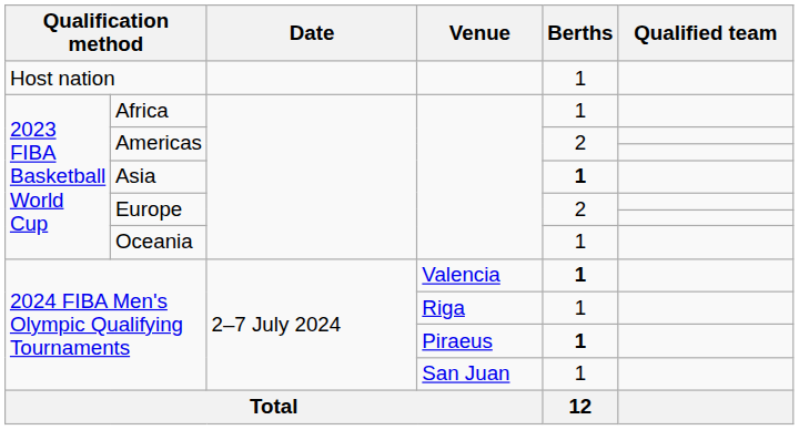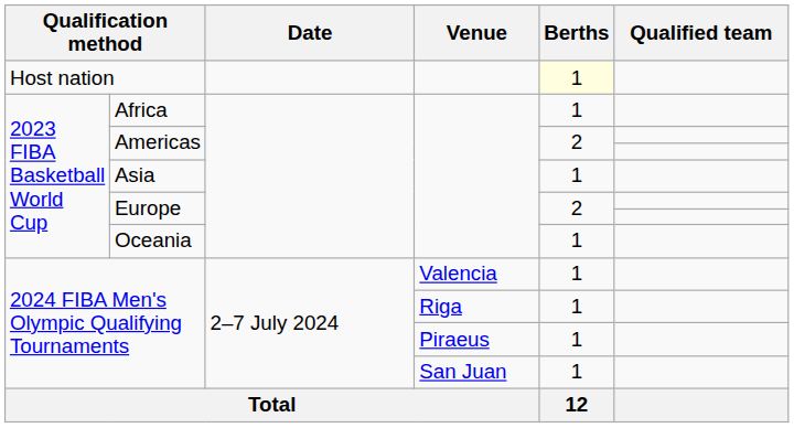 <table class="wikitable">
 <tr>
 <th colspan="2" width=150>Qualification method</th>
 <th width=200>Date</th>
 <th width=100>Venue</th>
 <th>Berths</th>
 <th width=150>Qualified team</th>
 </tr>
 <tr>
 <td colspan="2">Host nation</td>
 <td></td>
 <td></td>
-<td style="text-align:center;">1</td>
+<td style="background: lightyellow; text-align:center;">1</td>
 <td></td>
 </tr>
 <tr>
 <td rowspan="7"><a href='#'>2023 FIBA Basketball World Cup</a></td>
 <td>Africa</td>
 <td rowspan="7"></td>
 <td rowspan="7"><br><br></td>
 <td style="text-align:center;">1</td>
 <td></td>
 </tr>
 <tr>
 <td rowspan="2">Americas</td>
 <td rowspan="2" style="text-align:center;">2</td>
 <td></td>
 </tr>
 <tr>
 <td></td>
 </tr>
 <tr>
 <td>Asia</td>
-<td style="text-align:center;"><strong>1</strong></td>
+<td style="text-align:center;">1</td>
 <td></td>
 </tr>
 <tr>
 <td rowspan="2">Europe</td>
 <td rowspan="2" style="text-align:center;">2</td>
 <td></td>
 </tr>
 <tr>
 <td></td>
 </tr>
 <tr>
 <td>Oceania</td>
 <td style="text-align:center;">1</td>
 <td></td>
 </tr>
 <tr>
 <td colspan="2" rowspan="4"><a href='#'>2024 FIBA Men's Olympic Qualifying Tournaments</a></td>
 <td rowspan="4">2–7 July 2024</td>
 <td> <a href='#'>Valencia</a></td>
-<td style="text-align:center;"><strong>1</strong></td>
+<td style="text-align:center;">1</td>
 <td></td>
 </tr>
 <tr>
 <td> <a href='#'>Riga</a></td>
 <td style="text-align:center;">1</td>
 <td></td>
 </tr>
 <tr>
 <td> <a href='#'>Piraeus</a></td>
-<td style="text-align:center;"><strong>1</strong></td>
+<td style="text-align:center;">1</td>
 <td></td>
 </tr>
 <tr>
 <td> <a href='#'>San Juan</a></td>
 <td style="text-align:center;">1</td>
 <td></td>
 </tr>
 <tr>
 <th colspan="4">Total</th>
 <th>12</th>
 <th></th>
 </tr>
 </table>
